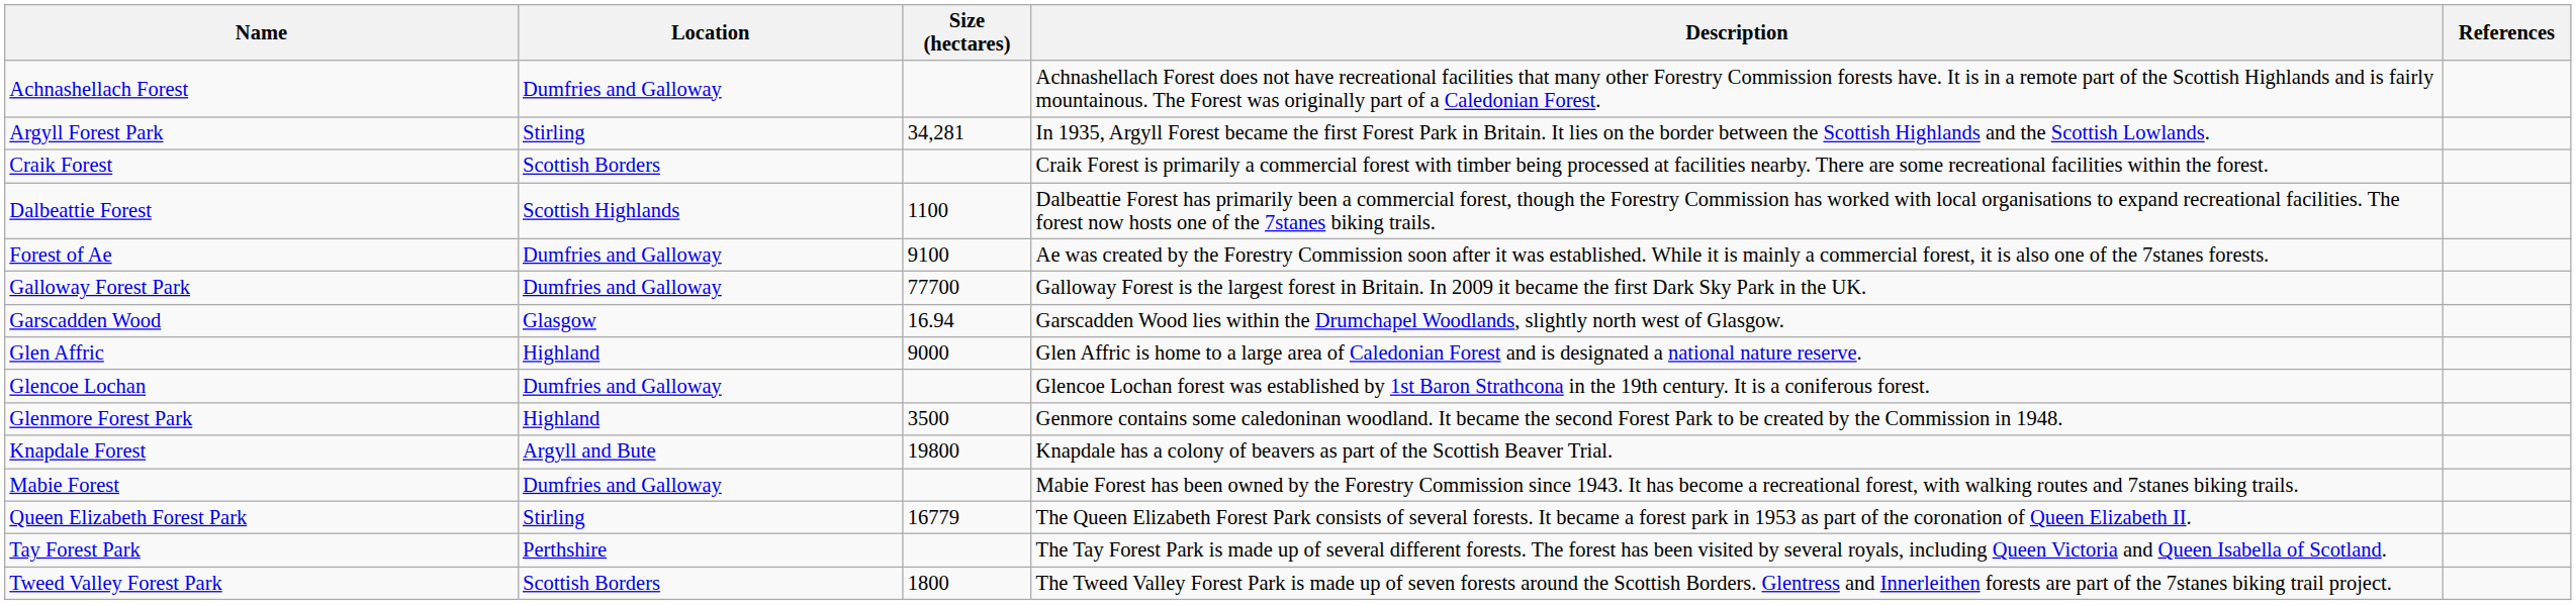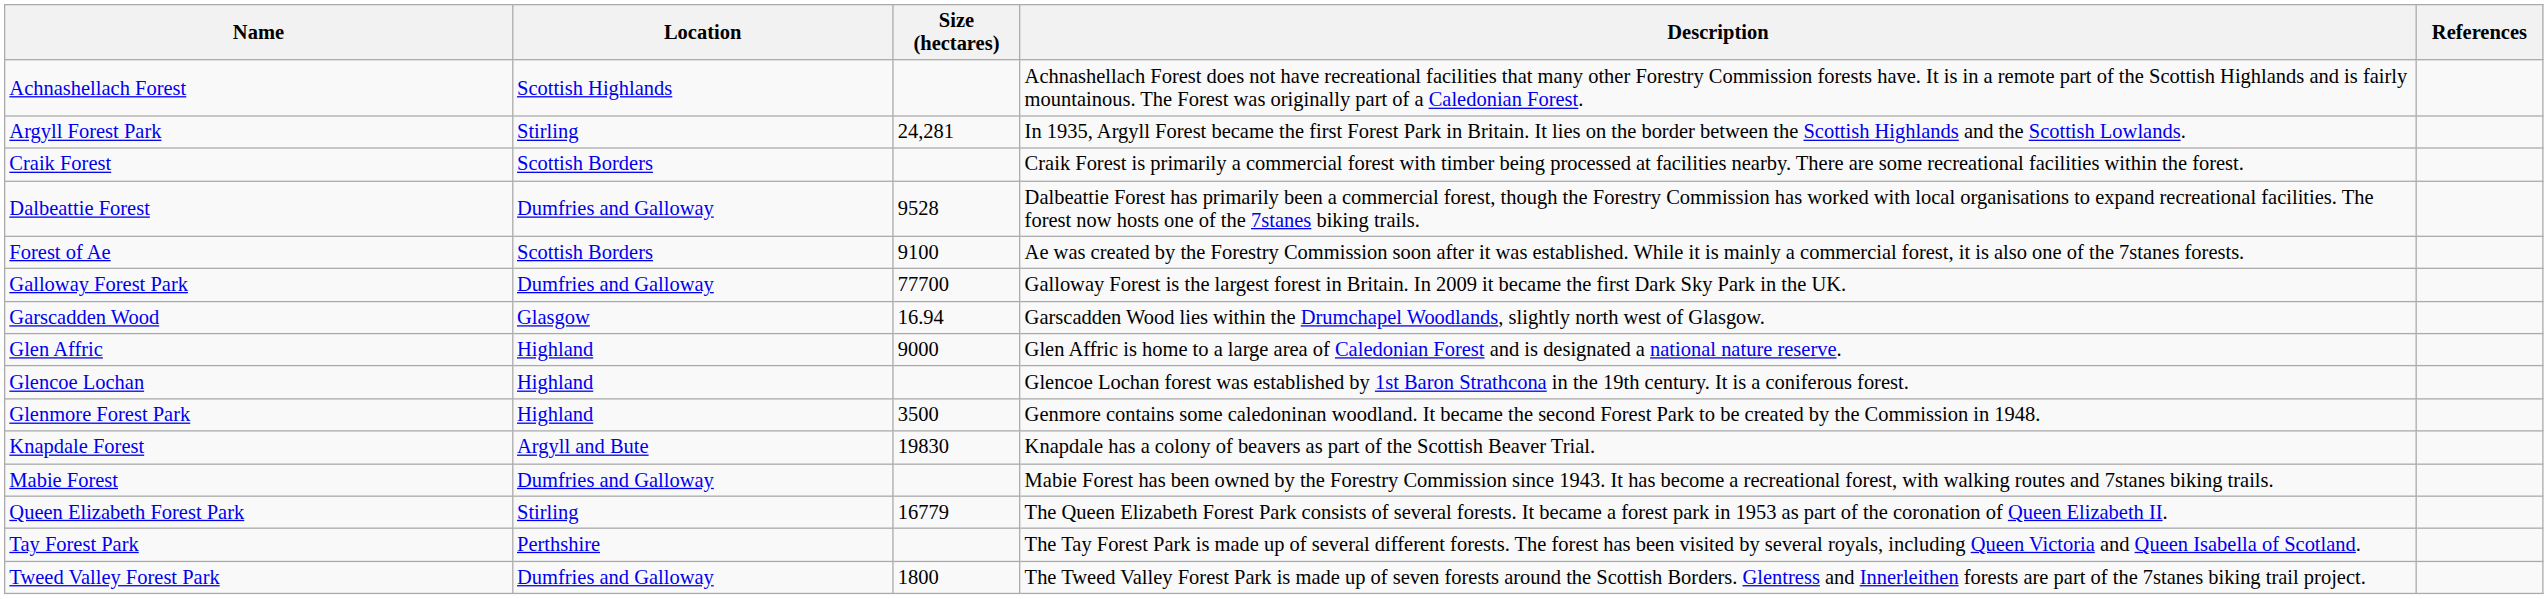 <table class="wikitable sortable" style="width:100%">
 <tr>
 <th scope="col" width="20%">Name</th>
 <th scope="col" width="15%">Location</th>
 <th scope="col" width="5%">Size (hectares)</th>
 <th scope="col" width="55%">Description</th>
 <th scope="col" width="5%">References</th>
 </tr>
 <tr>
 <td><a href='#'>Achnashellach Forest</a></td>
-<td><a href='#'>Dumfries and Galloway</a></td>
+<td><a href='#'>Scottish Highlands</a></td>
 <td></td>
 <td>Achnashellach Forest does not have recreational facilities that many other Forestry Commission forests have. It is in a remote part of the Scottish Highlands and is fairly mountainous. The Forest was originally part of a <a href='#'>Caledonian Forest</a>.</td>
 <td></td>
 </tr>
 <tr>
 <td><a href='#'>Argyll Forest Park</a></td>
 <td><a href='#'>Stirling</a></td>
-<td>34,281</td>
+<td>24,281</td>
 <td>In 1935, Argyll Forest became the first Forest Park in Britain. It lies on the border between the <a href='#'>Scottish Highlands</a> and the <a href='#'>Scottish Lowlands</a>.</td>
 <td></td>
 </tr>
 <tr>
 <td><a href='#'>Craik Forest</a></td>
 <td><a href='#'>Scottish Borders</a></td>
 <td></td>
 <td>Craik Forest is primarily a commercial forest with timber being processed at facilities nearby. There are some recreational facilities within the forest.</td>
 <td></td>
 </tr>
 <tr>
 <td><a href='#'>Dalbeattie Forest</a></td>
-<td><a href='#'>Scottish Highlands</a></td>
-<td>1100</td>
+<td><a href='#'>Dumfries and Galloway</a></td>
+<td>9528</td>
 <td>Dalbeattie Forest has primarily been a commercial forest, though the Forestry Commission has worked with local organisations to expand recreational facilities. The forest now hosts one of the <a href='#'>7stanes</a> biking trails.</td>
 <td></td>
 </tr>
 <tr>
 <td><a href='#'>Forest of Ae</a></td>
-<td><a href='#'>Dumfries and Galloway</a></td>
+<td><a href='#'>Scottish Borders</a></td>
 <td>9100</td>
 <td>Ae was created by the Forestry Commission soon after it was established. While it is mainly a commercial forest, it is also one of the 7stanes forests.</td>
 <td></td>
 </tr>
 <tr>
 <td><a href='#'>Galloway Forest Park</a></td>
 <td><a href='#'>Dumfries and Galloway</a></td>
 <td>77700</td>
 <td>Galloway Forest is the largest forest in Britain. In 2009 it became the first Dark Sky Park in the UK.</td>
 <td></td>
 </tr>
 <tr>
 <td><a href='#'>Garscadden Wood</a></td>
 <td><a href='#'>Glasgow</a></td>
 <td>16.94</td>
 <td>Garscadden Wood lies within the <a href='#'>Drumchapel Woodlands</a>, slightly north west of Glasgow.</td>
 <td></td>
 </tr>
 <tr>
 <td><a href='#'>Glen Affric</a></td>
 <td><a href='#'>Highland</a></td>
 <td>9000</td>
 <td>Glen Affric is home to a large area of <a href='#'>Caledonian Forest</a> and is designated a <a href='#'>national nature reserve</a>.</td>
 <td></td>
 </tr>
 <tr>
 <td><a href='#'>Glencoe Lochan</a></td>
-<td><a href='#'>Dumfries and Galloway</a></td>
+<td><a href='#'>Highland</a></td>
 <td></td>
 <td>Glencoe Lochan forest was established by <a href='#'>1st Baron Strathcona</a> in the 19th century. It is a coniferous forest.</td>
 <td></td>
 </tr>
 <tr>
 <td><a href='#'>Glenmore Forest Park</a></td>
 <td><a href='#'>Highland</a></td>
 <td>3500</td>
 <td>Genmore contains some caledoninan woodland. It became the second Forest Park to be created by the Commission in 1948.</td>
 <td></td>
 </tr>
 <tr>
 <td><a href='#'>Knapdale Forest</a></td>
 <td><a href='#'>Argyll and Bute</a></td>
-<td>19800</td>
+<td>19830</td>
 <td>Knapdale has a colony of beavers as part of the Scottish Beaver Trial.</td>
 <td></td>
 </tr>
 <tr>
 <td><a href='#'>Mabie Forest</a></td>
 <td><a href='#'>Dumfries and Galloway</a></td>
 <td></td>
 <td>Mabie Forest has been owned by the Forestry Commission since 1943. It has become a recreational forest, with walking routes and 7stanes biking trails.</td>
 <td></td>
 </tr>
 <tr>
 <td><a href='#'>Queen Elizabeth Forest Park</a></td>
 <td><a href='#'>Stirling</a></td>
 <td>16779</td>
 <td>The Queen Elizabeth Forest Park consists of several forests. It became a forest park in 1953 as part of the coronation of <a href='#'>Queen Elizabeth II</a>.</td>
 <td></td>
 </tr>
 <tr>
 <td><a href='#'>Tay Forest Park</a></td>
 <td><a href='#'>Perthshire</a></td>
 <td></td>
 <td>The Tay Forest Park is made up of several different forests. The forest has been visited by several royals, including <a href='#'>Queen Victoria</a> and <a href='#'>Queen Isabella of Scotland</a>.</td>
 <td></td>
 </tr>
 <tr>
 <td><a href='#'>Tweed Valley Forest Park</a></td>
-<td><a href='#'>Scottish Borders</a></td>
+<td><a href='#'>Dumfries and Galloway</a></td>
 <td>1800</td>
 <td>The Tweed Valley Forest Park is made up of seven forests around the Scottish Borders. <a href='#'>Glentress</a> and <a href='#'>Innerleithen</a> forests are part of the 7stanes biking trail project.</td>
 <td></td>
 </tr>
 </table>
